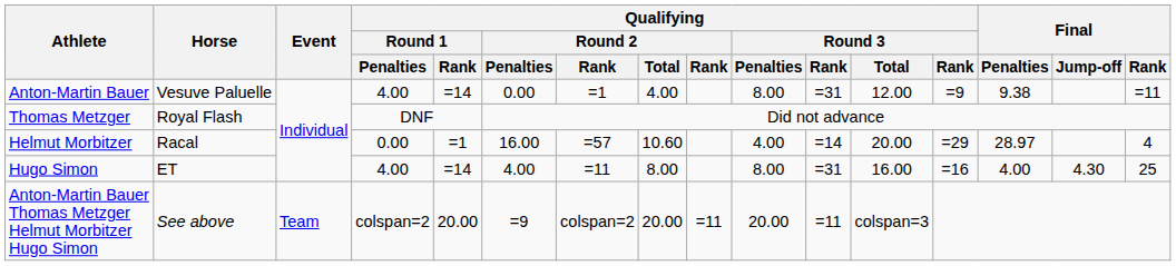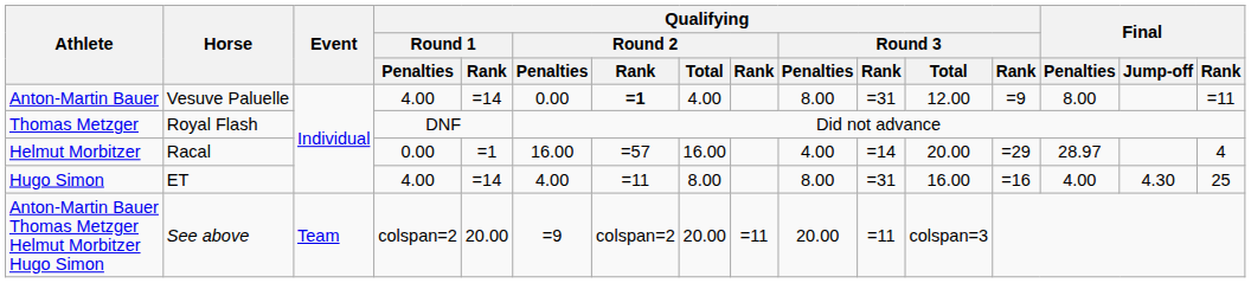 <table class=wikitable style=font-size:90%;text-align:center>
 <tr>
 <th rowspan=3>Athlete</th>
 <th rowspan=3>Horse</th>
 <th rowspan=3>Event</th>
 <th colspan=10>Qualifying</th>
 <th colspan=3 rowspan=2>Final</th>
 </tr>
 <tr style=font-size:95%>
 <th colspan=2>Round 1</th>
 <th colspan=4>Round 2</th>
 <th colspan=4>Round 3</th>
 </tr>
 <tr style=font-size:95%>
 <th>Penalties</th>
 <th>Rank</th>
 <th>Penalties</th>
 <th>Rank</th>
 <th>Total</th>
 <th>Rank</th>
 <th>Penalties</th>
 <th>Rank</th>
 <th>Total</th>
 <th>Rank</th>
 <th>Penalties</th>
 <th>Jump-off</th>
 <th>Rank</th>
 </tr>
 <tr>
 <td align=left><a href='#'>Anton-Martin Bauer</a></td>
 <td align=left>Vesuve Paluelle</td>
 <td align=left rowspan=4><a href='#'>Individual</a></td>
 <td>4.00</td>
 <td>=14</td>
 <td>0.00</td>
-<td>=1</td>
+<td><strong>=1</strong></td>
 <td>4.00</td>
 <td></td>
 <td>8.00</td>
 <td>=31</td>
 <td>12.00</td>
 <td>=9</td>
-<td>9.38</td>
+<td>8.00</td>
 <td></td>
 <td>=11</td>
 </tr>
 <tr>
 <td align=left><a href='#'>Thomas Metzger</a></td>
 <td align=left>Royal Flash</td>
 <td colspan=2>DNF</td>
 <td colspan=11>Did not advance</td>
 </tr>
 <tr>
 <td align=left><a href='#'>Helmut Morbitzer</a></td>
 <td align=left>Racal</td>
 <td>0.00</td>
 <td>=1</td>
 <td>16.00</td>
 <td>=57</td>
-<td>10.60</td>
+<td>16.00</td>
 <td></td>
 <td>4.00</td>
 <td>=14</td>
 <td>20.00</td>
 <td>=29</td>
 <td>28.97</td>
 <td></td>
 <td>4</td>
 </tr>
 <tr>
 <td align=left><a href='#'>Hugo Simon</a></td>
 <td align=left>ET</td>
 <td>4.00</td>
 <td>=14</td>
 <td>4.00</td>
 <td>=11</td>
 <td>8.00</td>
 <td></td>
 <td>8.00</td>
 <td>=31</td>
 <td>16.00</td>
 <td>=16</td>
 <td>4.00</td>
 <td>4.30</td>
 <td>25</td>
 </tr>
 <tr>
 <td align=left><a href='#'>Anton-Martin Bauer</a><br><a href='#'>Thomas Metzger</a><br><a href='#'>Helmut Morbitzer</a><br><a href='#'>Hugo Simon</a></td>
 <td align=left><em>See above</em></td>
 <td align=left><a href='#'>Team</a></td>
 <td>colspan=2 </td>
 <td>20.00</td>
 <td>=9</td>
 <td>colspan=2 </td>
 <td>20.00</td>
 <td>=11</td>
 <td>20.00</td>
 <td>=11</td>
 <td>colspan=3 </td>
 </tr>
 </table>
